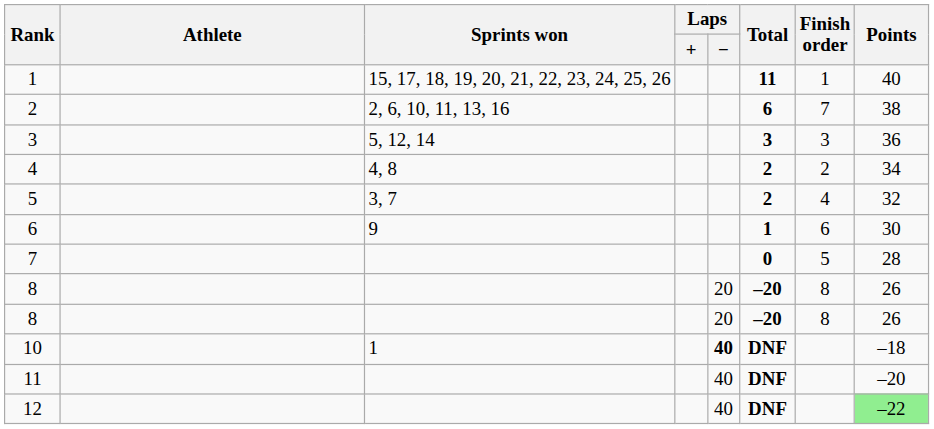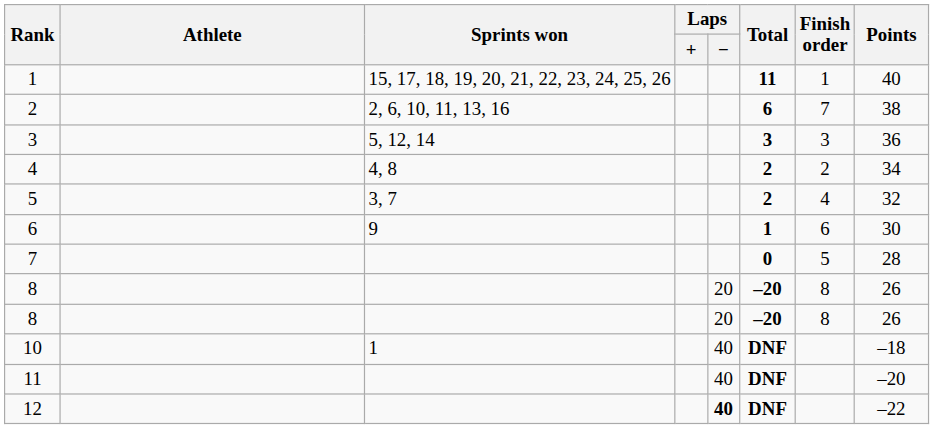 <table class=wikitable style="text-align:center">
 <tr>
 <th rowspan=2 width=40>Rank</th>
 <th rowspan=2 width=250>Athlete</th>
 <th rowspan=2>Sprints won</th>
 <th colspan=2>Laps</th>
 <th rowspan=2 width=40>Total</th>
 <th rowspan=2 width=40>Finish order</th>
 <th rowspan=2 width=55>Points</th>
 </tr>
 <tr>
 <th width=20>+</th>
 <th width=20>−</th>
 </tr>
 <tr>
 <td>1</td>
 <td align=left></td>
 <td align=left>15, 17, 18, 19, 20, 21, 22, 23, 24, 25, 26</td>
 <td></td>
 <td></td>
 <td><strong>11</strong></td>
 <td>1</td>
 <td>40</td>
 </tr>
 <tr>
 <td>2</td>
 <td align=left></td>
 <td align=left>2, 6, 10, 11, 13, 16</td>
 <td></td>
 <td></td>
 <td><strong>6</strong></td>
 <td>7</td>
 <td>38</td>
 </tr>
 <tr>
 <td>3</td>
 <td align=left></td>
 <td align=left>5, 12, 14</td>
 <td></td>
 <td></td>
 <td><strong>3</strong></td>
 <td>3</td>
 <td>36</td>
 </tr>
 <tr>
 <td>4</td>
 <td align=left></td>
 <td align=left>4, 8</td>
 <td></td>
 <td></td>
 <td><strong>2</strong></td>
 <td>2</td>
 <td>34</td>
 </tr>
 <tr>
 <td>5</td>
 <td align=left></td>
 <td align=left>3, 7</td>
 <td></td>
 <td></td>
 <td><strong>2</strong></td>
 <td>4</td>
 <td>32</td>
 </tr>
 <tr>
 <td>6</td>
 <td align=left></td>
 <td align=left>9</td>
 <td></td>
 <td></td>
 <td><strong>1</strong></td>
 <td>6</td>
 <td>30</td>
 </tr>
 <tr>
 <td>7</td>
 <td align=left></td>
 <td align=left></td>
 <td></td>
 <td></td>
 <td><strong>0</strong></td>
 <td>5</td>
 <td>28</td>
 </tr>
 <tr>
 <td>8</td>
 <td align=left></td>
 <td align=left></td>
 <td></td>
 <td>20</td>
 <td><strong>–20</strong></td>
 <td>8</td>
 <td>26</td>
 </tr>
 <tr>
 <td>8</td>
 <td align=left></td>
 <td align=left></td>
 <td></td>
 <td>20</td>
 <td><strong>–20</strong></td>
 <td>8</td>
 <td>26</td>
 </tr>
 <tr>
 <td>10</td>
 <td align=left></td>
 <td align=left>1</td>
 <td></td>
-<td><strong>40</strong></td>
+<td>40</td>
 <td><strong>DNF</strong></td>
 <td></td>
 <td>–18</td>
 </tr>
 <tr>
 <td>11</td>
 <td align=left></td>
 <td align=left></td>
 <td></td>
 <td>40</td>
 <td><strong>DNF</strong></td>
 <td></td>
 <td>–20</td>
 </tr>
 <tr>
 <td>12</td>
 <td align=left></td>
 <td align=left></td>
 <td></td>
-<td>40</td>
+<td><strong>40</strong></td>
 <td><strong>DNF</strong></td>
 <td></td>
-<td style="background: lightgreen;">–22</td>
+<td>–22</td>
 </tr>
 </table>
